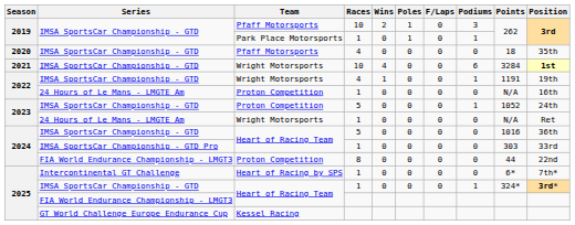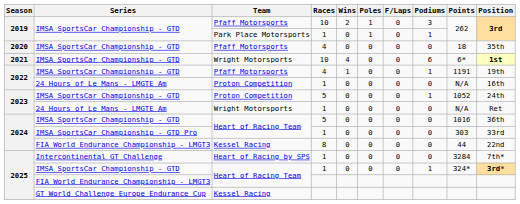 <table class="wikitable" style="font-size: 90%; text-align:center;">
 <tr>
 <th>Season</th>
 <th>Series</th>
 <th>Team</th>
 <th>Races</th>
 <th>Wins</th>
 <th>Poles</th>
 <th>F/Laps</th>
 <th>Podiums</th>
 <th>Points</th>
 <th>Position</th>
 </tr>
 <tr>
 <th rowspan="2">2019</th>
 <td style="text-align:left;" rowspan="2"><a href='#'>IMSA SportsCar Championship - GTD</a></td>
 <td style="text-align:left;"><a href='#'>Pfaff Motorsports</a></td>
 <td>10</td>
 <td>2</td>
 <td>1</td>
 <td>0</td>
 <td>3</td>
 <td rowspan="2">262</td>
 <td rowspan="2" style="background:#FFDF9F;”"><strong>3rd</strong></td>
 </tr>
 <tr>
 <td style="text-align:left;">Park Place Motorsports</td>
 <td>1</td>
 <td>0</td>
 <td>1</td>
 <td>0</td>
 <td>1</td>
 </tr>
 <tr>
 <th>2020</th>
 <td style="text-align:left;"><a href='#'>IMSA SportsCar Championship - GTD</a></td>
 <td style="text-align:left;"><a href='#'>Pfaff Motorsports</a></td>
 <td>4</td>
 <td>0</td>
 <td>0</td>
 <td>0</td>
 <td>0</td>
 <td>18</td>
 <td>35th</td>
 </tr>
 <tr>
 <th>2021</th>
 <td style="text-align:left;"><a href='#'>IMSA SportsCar Championship - GTD</a></td>
 <td style="text-align:left;">Wright Motorsports</td>
 <td>10</td>
 <td>4</td>
 <td>0</td>
 <td>0</td>
 <td>6</td>
-<td>3284</td>
+<td>6*</td>
 <td style="background:#FFFFBF;”"><strong>1st</strong></td>
 </tr>
 <tr>
 <th rowspan="2">2022</th>
 <td style="text-align:left;"><a href='#'>IMSA SportsCar Championship - GTD</a></td>
-<td style="text-align:left;">Wright Motorsports</td>
+<td style="text-align:left;"><a href='#'>Pfaff Motorsports</a></td>
 <td>4</td>
 <td>1</td>
 <td>0</td>
 <td>0</td>
 <td>1</td>
 <td>1191</td>
 <td>19th</td>
 </tr>
 <tr>
 <td style="text-align:left;"><a href='#'>24 Hours of Le Mans - LMGTE Am</a></td>
 <td style="text-align:left;"><a href='#'>Proton Competition</a></td>
 <td>1</td>
 <td>0</td>
 <td>0</td>
 <td>0</td>
 <td>0</td>
 <td>N/A</td>
 <td>16th</td>
 </tr>
 <tr>
 <th rowspan="2">2023</th>
 <td style="text-align:left;"><a href='#'>IMSA SportsCar Championship - GTD</a></td>
 <td style="text-align:left;"><a href='#'>Proton Competition</a></td>
 <td>5</td>
 <td>0</td>
 <td>0</td>
 <td>0</td>
 <td>1</td>
 <td>1052</td>
 <td>24th</td>
 </tr>
 <tr>
 <td style="text-align:left;"><a href='#'>24 Hours of Le Mans - LMGTE Am</a></td>
 <td style="text-align:left;">Wright Motorsports</td>
 <td>1</td>
 <td>0</td>
 <td>0</td>
 <td>0</td>
 <td>0</td>
 <td>N/A</td>
 <td>Ret</td>
 </tr>
 <tr>
 <th rowspan="3">2024</th>
 <td style="text-align:left;"><a href='#'>IMSA SportsCar Championship - GTD</a></td>
 <td style="text-align:left;" rowspan="2"><a href='#'>Heart of Racing Team</a></td>
 <td>5</td>
 <td>0</td>
 <td>0</td>
 <td>0</td>
 <td>0</td>
 <td>1016</td>
 <td>36th</td>
 </tr>
 <tr>
 <td style="text-align:left;"><a href='#'>IMSA SportsCar Championship - GTD Pro</a></td>
 <td>1</td>
 <td>0</td>
 <td>0</td>
 <td>0</td>
 <td>0</td>
 <td>303</td>
 <td>33rd</td>
 </tr>
 <tr>
 <td style="text-align:left;"><a href='#'>FIA World Endurance Championship - LMGT3</a></td>
-<td style="text-align:left;"><a href='#'>Proton Competition</a></td>
+<td style="text-align: left;"><a href='#'>Kessel Racing</a></td>
 <td>8</td>
 <td>0</td>
 <td>0</td>
 <td>0</td>
 <td>0</td>
 <td>44</td>
 <td>22nd</td>
 </tr>
 <tr>
 <th rowspan="4">2025</th>
 <td style="text-align:left;"><a href='#'>Intercontinental GT Challenge</a></td>
 <td style="text-align:left;"><a href='#'>Heart of Racing by SPS</a></td>
 <td>1</td>
 <td>0</td>
 <td>0</td>
 <td>0</td>
 <td>0</td>
-<td>6*</td>
+<td>3284</td>
 <td>7th*</td>
 </tr>
 <tr>
 <td style="text-align:left;"><a href='#'>IMSA SportsCar Championship - GTD</a></td>
 <td rowspan="2" style="text-align:left;"><a href='#'>Heart of Racing Team</a></td>
 <td>1</td>
 <td>0</td>
 <td>0</td>
 <td>0</td>
 <td>1</td>
 <td>324*</td>
 <td style="background:#FFDF9F;"><strong>3rd</strong>*</td>
 </tr>
 <tr>
 <td align=left><a href='#'>FIA World Endurance Championship - LMGT3</a></td>
 <td></td>
 <td></td>
 <td></td>
 <td></td>
 <td></td>
 <td></td>
 <td></td>
 </tr>
 <tr>
 <td align="left"><a href='#'>GT World Challenge Europe Endurance Cup</a></td>
 <td style="text-align: left;"><a href='#'>Kessel Racing</a></td>
 <td></td>
 <td></td>
 <td></td>
 <td></td>
 <td></td>
 <td></td>
 <td></td>
 </tr>
 </table>
